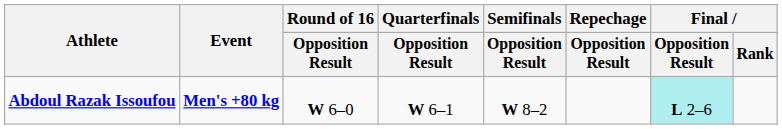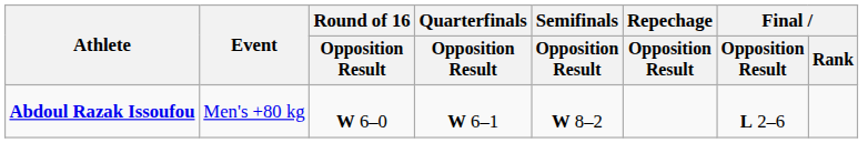 <table class="wikitable" style="font-size:90%;">
 <tr>
 <th rowspan=2>Athlete</th>
 <th rowspan=2>Event</th>
 <th>Round of 16</th>
 <th>Quarterfinals</th>
 <th>Semifinals</th>
 <th>Repechage</th>
 <th colspan=2>Final / </th>
 </tr>
 <tr style="font-size:95%">
 <th>Opposition<br>Result</th>
 <th>Opposition<br>Result</th>
 <th>Opposition<br>Result</th>
 <th>Opposition<br>Result</th>
 <th>Opposition<br>Result</th>
 <th>Rank</th>
 </tr>
 <tr align=center>
 <td align=left><strong><a href='#'>Abdoul Razak Issoufou</a></strong></td>
-<td align=left><strong><a href='#'>Men's +80 kg</a></strong></td>
+<td align=left><a href='#'>Men's +80 kg</a></td>
 <td><br><strong>W</strong> 6–0</td>
 <td><br><strong>W</strong> 6–1</td>
 <td><br><strong>W</strong> 8–2</td>
 <td></td>
-<td style="background: paleturquoise;"><br><strong>L</strong> 2–6</td>
+<td><br><strong>L</strong> 2–6</td>
 <td></td>
 </tr>
 </table>
